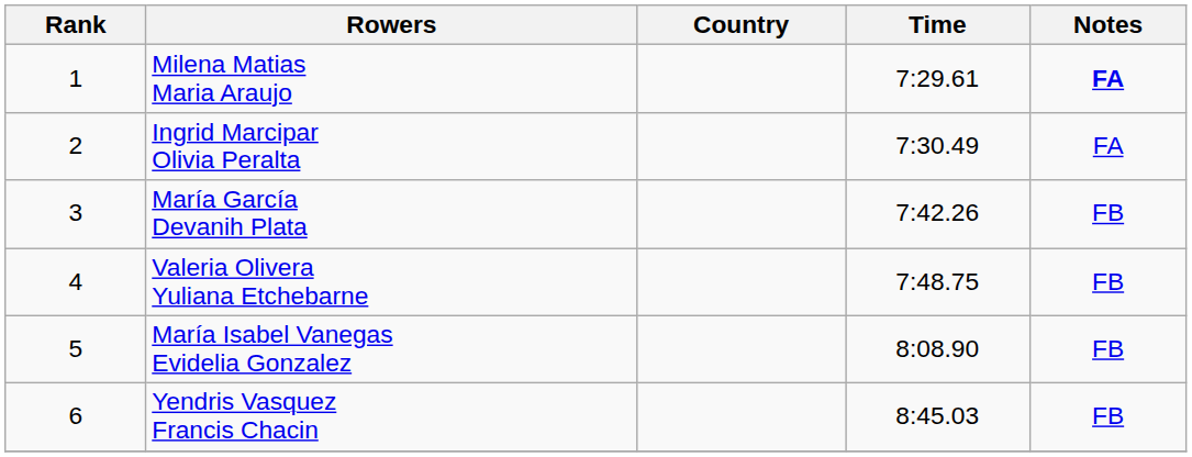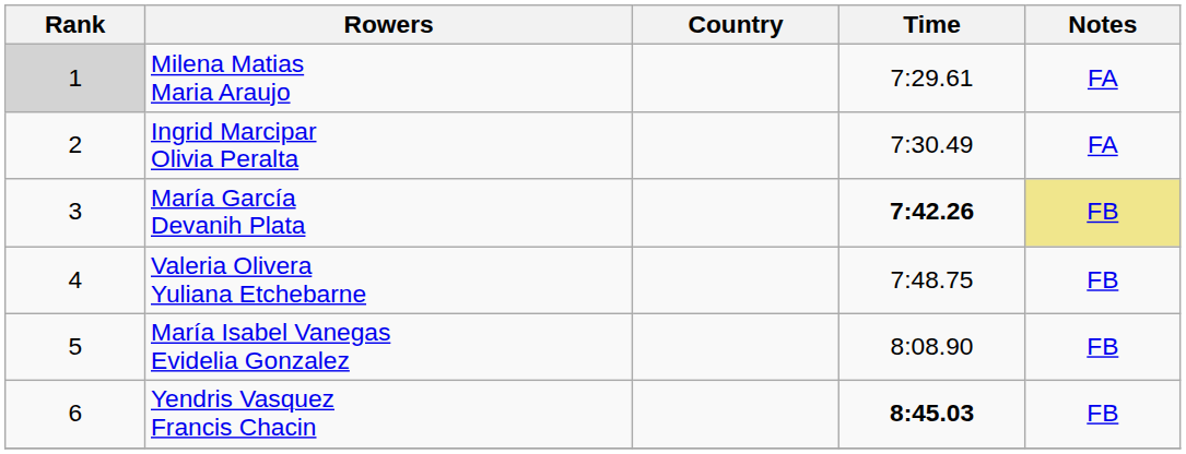 <table class="wikitable" width=60% style="text-align:center">
 <tr>
 <th>Rank</th>
 <th>Rowers</th>
 <th>Country</th>
 <th>Time</th>
 <th>Notes</th>
 </tr>
 <tr>
-<td>1</td>
+<td style="background: lightgrey;">1</td>
 <td align=left><a href='#'>Milena Matias</a><br><a href='#'>Maria Araujo</a></td>
 <td align=left></td>
 <td>7:29.61</td>
-<td><strong><a href='#'>FA</a></strong></td>
+<td><a href='#'>FA</a></td>
 </tr>
 <tr>
 <td>2</td>
 <td align=left><a href='#'>Ingrid Marcipar</a><br><a href='#'>Olivia Peralta</a></td>
 <td align=left></td>
 <td>7:30.49</td>
 <td><a href='#'>FA</a></td>
 </tr>
 <tr>
 <td>3</td>
 <td align=left><a href='#'>María García</a><br><a href='#'>Devanih Plata</a></td>
 <td align=left></td>
-<td>7:42.26</td>
-<td><a href='#'>FB</a></td>
+<td><strong>7:42.26</strong></td>
+<td style="background: khaki;"><a href='#'>FB</a></td>
 </tr>
 <tr>
 <td>4</td>
 <td align=left><a href='#'>Valeria Olivera</a><br><a href='#'>Yuliana Etchebarne</a></td>
 <td align=left></td>
 <td>7:48.75</td>
 <td><a href='#'>FB</a></td>
 </tr>
 <tr>
 <td>5</td>
 <td align=left><a href='#'>María Isabel Vanegas</a><br><a href='#'>Evidelia Gonzalez</a></td>
 <td align=left></td>
 <td>8:08.90</td>
 <td><a href='#'>FB</a></td>
 </tr>
 <tr>
 <td>6</td>
 <td align=left><a href='#'>Yendris Vasquez</a><br><a href='#'>Francis Chacin</a></td>
 <td align=left></td>
-<td>8:45.03</td>
+<td><strong>8:45.03</strong></td>
 <td><a href='#'>FB</a></td>
 </tr>
 <tr>
 </tr>
 </table>
